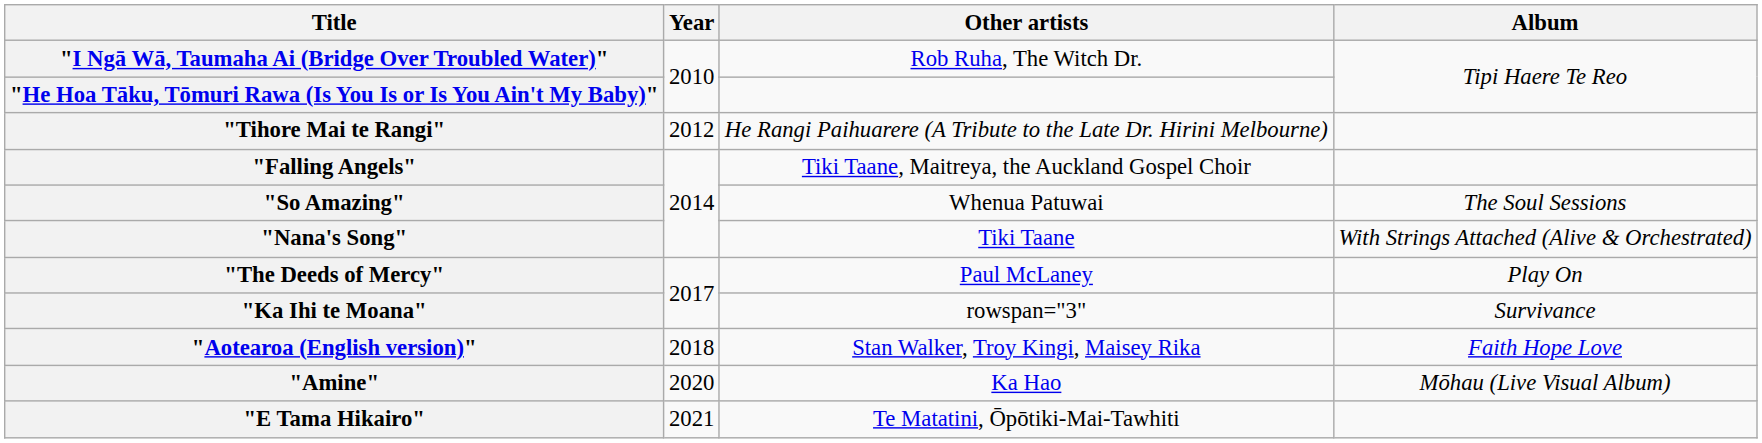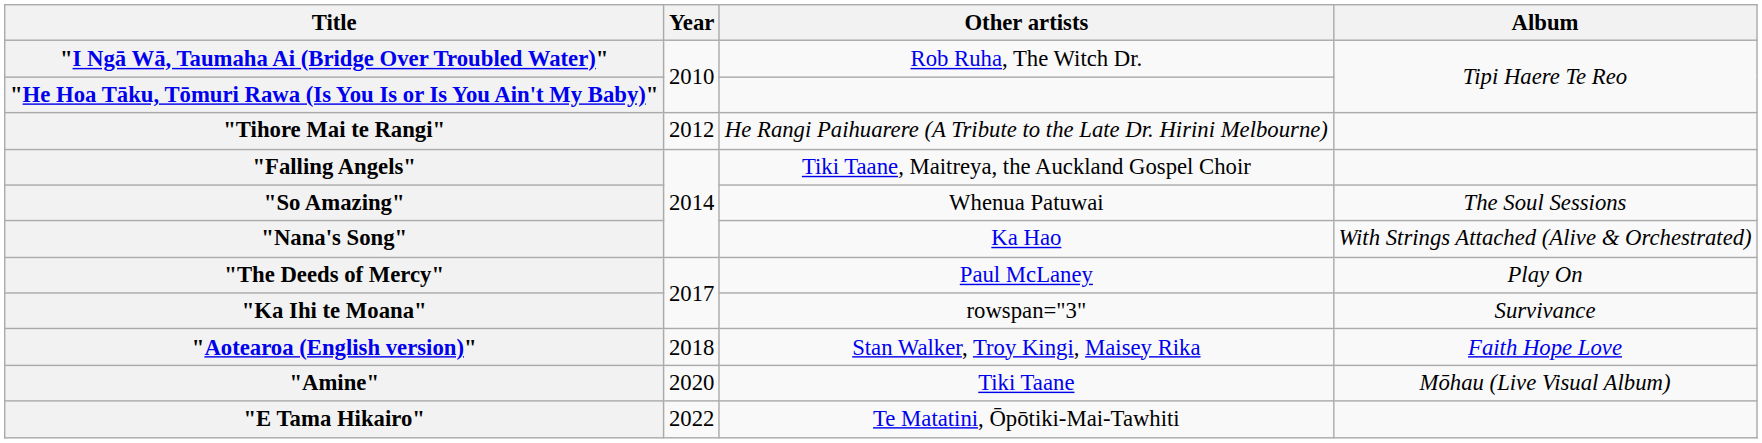 <table class="wikitable sortable plainrowheaders" style="text-align: center;">
 <tr>
 <th scope="col">Title</th>
 <th scope="col">Year</th>
 <th scope="col">Other artists</th>
 <th scope="col">Album</th>
 </tr>
 <tr>
 <th scope="row">"<a href='#'>I Ngā Wā, Taumaha Ai (Bridge Over Troubled Water)</a>"</th>
 <td rowspan="2">2010</td>
 <td><a href='#'>Rob Ruha</a>, The Witch Dr.</td>
 <td rowspan="2"><em>Tipi Haere Te Reo</em></td>
 </tr>
 <tr>
 <th scope="row">"<a href='#'>He Hoa Tāku, Tōmuri Rawa (Is You Is or Is You Ain't My Baby)</a>"</th>
 </tr>
 <tr>
 <th scope="row">"Tihore Mai te Rangi"</th>
 <td>2012</td>
 <td><em>He Rangi Paihuarere (A Tribute to the Late Dr. Hirini Melbourne)</em></td>
 </tr>
 <tr>
 <th scope="row">"Falling Angels"</th>
 <td rowspan="3">2014</td>
 <td><a href='#'>Tiki Taane</a>, Maitreya, the Auckland Gospel Choir</td>
 <td></td>
 </tr>
 <tr>
 <th scope="row">"So Amazing"</th>
 <td>Whenua Patuwai</td>
 <td><em>The Soul Sessions</em></td>
 </tr>
 <tr>
 <th scope="row">"Nana's Song"</th>
-<td><a href='#'>Tiki Taane</a></td>
+<td><a href='#'>Ka Hao</a></td>
 <td><em>With Strings Attached (Alive & Orchestrated)</em></td>
 </tr>
 <tr>
 <th scope="row">"The Deeds of Mercy"</th>
 <td rowspan="2">2017</td>
 <td><a href='#'>Paul McLaney</a></td>
 <td><em>Play On</em></td>
 </tr>
 <tr>
 <th scope="row">"Ka Ihi te Moana"</th>
 <td>rowspan="3" </td>
 <td><em>Survivance</em></td>
 </tr>
 <tr>
 <th scope="row">"<a href='#'>Aotearoa (English version)</a>"</th>
 <td>2018</td>
 <td><a href='#'>Stan Walker</a>, <a href='#'>Troy Kingi</a>, <a href='#'>Maisey Rika</a></td>
 <td><em><a href='#'>Faith Hope Love</a></em></td>
 </tr>
 <tr>
 <th scope="row">"Amine"</th>
 <td>2020</td>
-<td><a href='#'>Ka Hao</a></td>
+<td><a href='#'>Tiki Taane</a></td>
 <td><em>Mōhau (Live Visual Album)</em></td>
 </tr>
 <tr>
 <th scope="row">"E Tama Hikairo"</th>
-<td>2021</td>
+<td>2022</td>
 <td><a href='#'>Te Matatini</a>, Ōpōtiki-Mai-Tawhiti</td>
 <td></td>
 </tr>
 </table>
